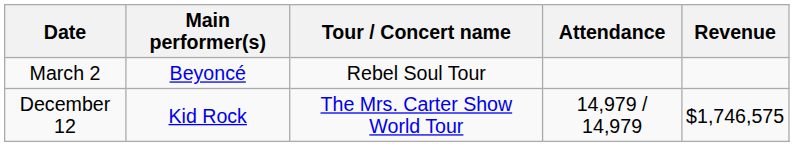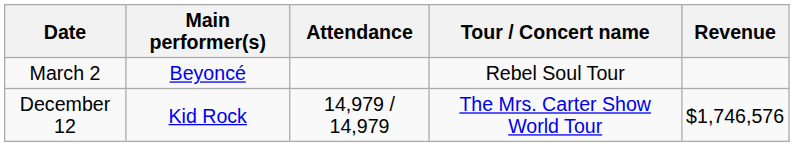 <table class="wikitable"  style="text-align:center; font-size:95%;">
 <tr>
 <th style="text-align:center;">Date</th>
 <th style="text-align:center;">Main performer(s)</th>
+<th style="text-align:center;">Attendance</th>
 <th style="text-align:center;">Tour / Concert name</th>
-<th style="text-align:center;">Attendance</th>
 <th style="text-align:center;">Revenue</th>
 </tr>
 <tr>
 <td>March 2</td>
 <td><a href='#'>Beyoncé</a></td>
+<td></td>
 <td>Rebel Soul Tour</td>
-<td></td>
 <td></td>
 </tr>
 <tr>
 <td>December 12</td>
 <td><a href='#'>Kid Rock</a></td>
+<td>14,979 / 14,979</td>
 <td><a href='#'>The Mrs. Carter Show World Tour</a></td>
-<td>14,979 / 14,979</td>
-<td>$1,746,575</td>
+<td>$1,746,576</td>
 </tr>
 </table>
